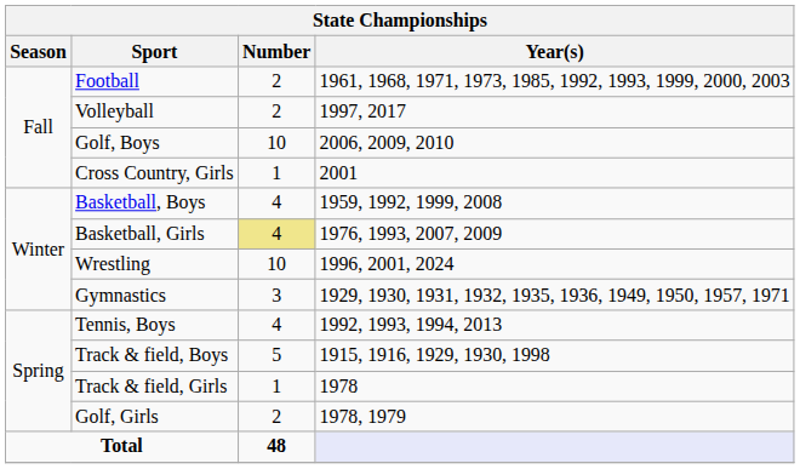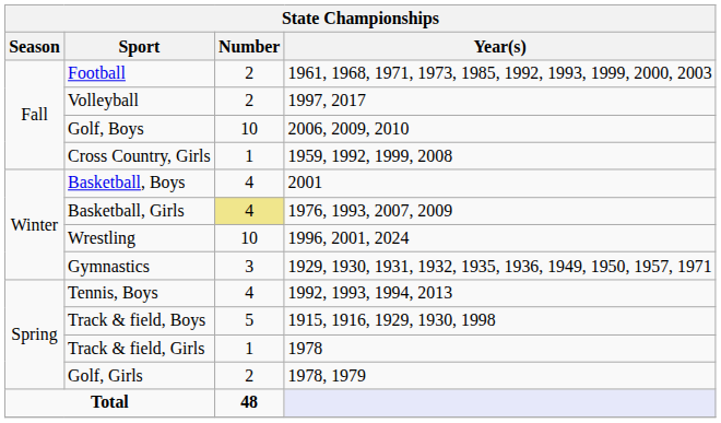 <table class="wikitable">
 <tr>
 <th colspan="4">State Championships</th>
 </tr>
 <tr>
 <th>Season</th>
 <th>Sport</th>
 <th>Number</th>
 <th>Year(s)</th>
 </tr>
 <tr>
 <td align=center rowspan="4">Fall</td>
 <td><a href='#'>Football</a></td>
 <td align="center">2</td>
 <td>1961, 1968, 1971, 1973, 1985, 1992, 1993, 1999, 2000, 2003</td>
 </tr>
 <tr>
 <td>Volleyball</td>
 <td align="center">2</td>
 <td>1997, 2017</td>
 </tr>
 <tr>
 <td>Golf, Boys</td>
 <td align="center">10</td>
 <td>2006, 2009, 2010</td>
 </tr>
 <tr>
 <td>Cross Country, Girls</td>
 <td align="center">1</td>
-<td>2001</td>
+<td>1959, 1992, 1999, 2008</td>
 </tr>
 <tr>
 <td align=center rowspan="4">Winter</td>
 <td><a href='#'>Basketball</a>, Boys</td>
 <td align="center">4</td>
-<td>1959, 1992, 1999, 2008</td>
+<td>2001</td>
 </tr>
 <tr>
 <td>Basketball, Girls</td>
 <td align="center" style="background: khaki;">4</td>
 <td>1976, 1993, 2007, 2009</td>
 </tr>
 <tr>
 <td>Wrestling</td>
 <td align="center">10</td>
 <td>1996, 2001, 2024</td>
 </tr>
 <tr>
 <td>Gymnastics</td>
 <td align="center">3</td>
 <td>1929, 1930, 1931, 1932, 1935, 1936, 1949, 1950, 1957, 1971</td>
 </tr>
 <tr>
 <td align=center rowspan="4">Spring</td>
 <td>Tennis, Boys</td>
 <td align="center">4</td>
 <td>1992, 1993, 1994, 2013</td>
 </tr>
 <tr>
 <td>Track & field, Boys</td>
 <td align="center">5</td>
 <td>1915, 1916, 1929, 1930, 1998</td>
 </tr>
 <tr>
 <td>Track & field, Girls</td>
 <td align="center">1</td>
 <td>1978</td>
 </tr>
 <tr>
 <td>Golf, Girls</td>
 <td align="center">2</td>
 <td>1978, 1979</td>
 </tr>
 <tr>
 <td align="center" colspan="2"><strong>Total</strong></td>
 <td align="center"><strong>48</strong></td>
 <td style="background:#E6E8FA;"></td>
 </tr>
 <tr>
 </tr>
 </table>
